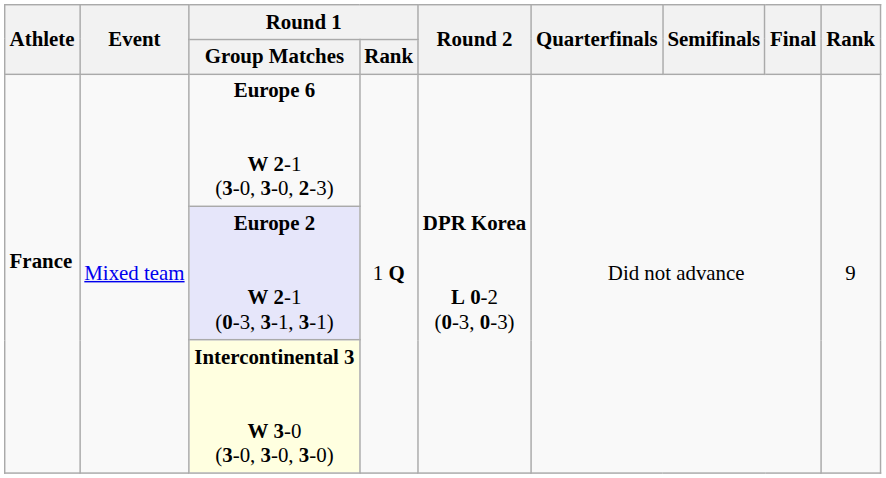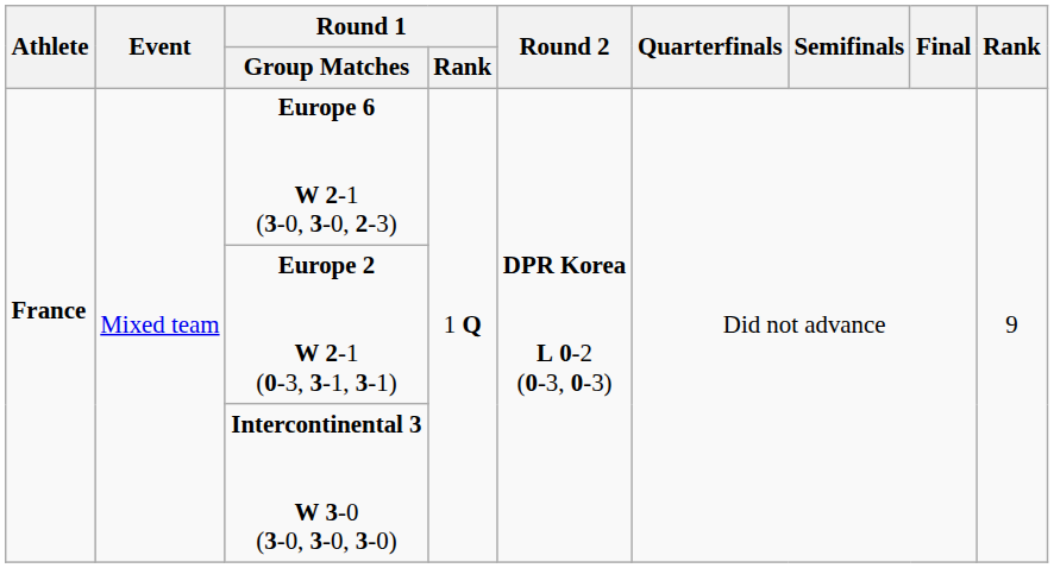 <table class="wikitable" border="1" style="font-size:90%">
 <tr>
 <th rowspan=2>Athlete</th>
 <th rowspan=2>Event</th>
 <th colspan=2>Round 1</th>
 <th rowspan=2>Round 2</th>
 <th rowspan=2>Quarterfinals</th>
 <th rowspan=2>Semifinals</th>
 <th rowspan=2>Final</th>
 <th rowspan=2>Rank</th>
 </tr>
 <tr>
 <th>Group Matches</th>
 <th>Rank</th>
 </tr>
 <tr>
 <td rowspan=3><strong>France</strong><br><br></td>
 <td rowspan=3><a href='#'>Mixed team</a></td>
 <td align=center><strong>Europe 6</strong><br><br><br> <strong>W</strong> <strong>2</strong>-1 <br> (<strong>3</strong>-0, <strong>3</strong>-0, <strong>2</strong>-3)</td>
 <td rowspan=3 align=center>1 <strong>Q</strong></td>
 <td align=center rowspan=3><strong>DPR Korea</strong><br><br><br> <strong>L</strong> <strong>0</strong>-2 <br> (<strong>0</strong>-3, <strong>0</strong>-3)</td>
 <td rowspan=3 colspan=3 align=center>Did not advance</td>
 <td rowspan=3 align=center>9</td>
 </tr>
 <tr>
-<td align=center style="background: lavender;"><strong>Europe 2</strong><br><br><br> <strong>W</strong> <strong>2</strong>-1 <br> (<strong>0</strong>-3, <strong>3</strong>-1, <strong>3</strong>-1)</td>
+<td align=center><strong>Europe 2</strong><br><br><br> <strong>W</strong> <strong>2</strong>-1 <br> (<strong>0</strong>-3, <strong>3</strong>-1, <strong>3</strong>-1)</td>
 </tr>
 <tr>
-<td align=center style="background: lightyellow;"><strong>Intercontinental 3</strong><br><br><br> <strong>W</strong> <strong>3</strong>-0 <br> (<strong>3</strong>-0, <strong>3</strong>-0, <strong>3</strong>-0)</td>
+<td align=center><strong>Intercontinental 3</strong><br><br><br> <strong>W</strong> <strong>3</strong>-0 <br> (<strong>3</strong>-0, <strong>3</strong>-0, <strong>3</strong>-0)</td>
 </tr>
 </table>
